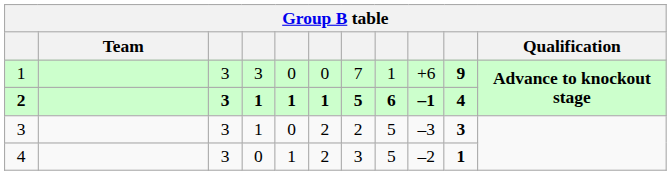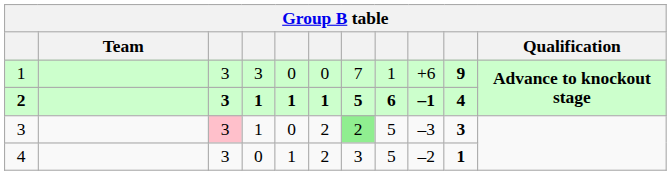 <table class="wikitable" style="text-align:center">
 <tr>
 <th colspan="11"><a href='#'>Group B</a> table</th>
 </tr>
 <tr>
 <th width=30></th>
 <th width=200>Team</th>
 <th width=30></th>
 <th width=30></th>
 <th width=30></th>
 <th width=30></th>
 <th width=30></th>
 <th width=30></th>
 <th width=30></th>
 <th width=30></th>
 <th width=200>Qualification</th>
 </tr>
 <tr bgcolor="#ccffcc">
 <td>1</td>
 <td align="left"></td>
 <td>3</td>
 <td>3</td>
 <td>0</td>
 <td>0</td>
 <td>7</td>
 <td>1</td>
 <td>+6</td>
 <td><strong>9</strong></td>
 <td rowspan="2"><strong>Advance to knockout stage</strong></td>
 </tr>
 <tr bgcolor="#ccffcc">
 <td><strong>2</strong></td>
 <td align="left"><strong></strong></td>
 <td><strong>3</strong></td>
 <td><strong>1</strong></td>
 <td><strong>1</strong></td>
 <td><strong>1</strong></td>
 <td><strong>5</strong></td>
 <td><strong>6</strong></td>
 <td><strong>–1</strong></td>
 <td><strong>4</strong></td>
 </tr>
 <tr>
 <td>3</td>
 <td align="left"></td>
-<td>3</td>
+<td style="background: pink;">3</td>
 <td>1</td>
 <td>0</td>
 <td>2</td>
-<td>2</td>
+<td style="background: lightgreen;">2</td>
 <td>5</td>
 <td>–3</td>
 <td><strong>3</strong></td>
 <td rowspan="2"></td>
 </tr>
 <tr>
 <td>4</td>
 <td align="left"></td>
 <td>3</td>
 <td>0</td>
 <td>1</td>
 <td>2</td>
 <td>3</td>
 <td>5</td>
 <td>–2</td>
 <td><strong>1</strong></td>
 </tr>
 </table>
